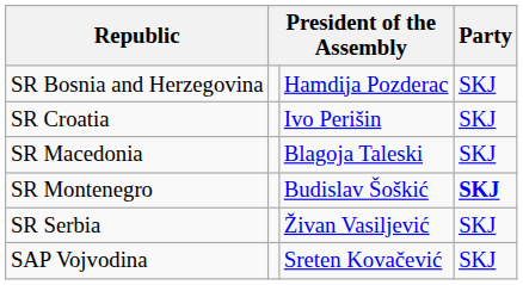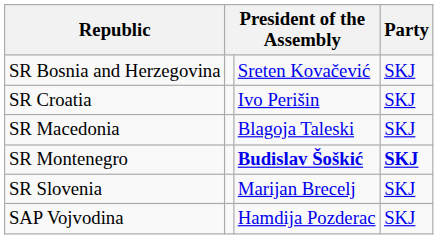 <table class="wikitable">
 <tr>
 <th style="text-align: center;">Republic</th>
 <th colspan="2" style="text-align: center;">President of the<br>Assembly</th>
 <th style="text-align: center;">Party</th>
 </tr>
 <tr>
 <td>SR Bosnia and Herzegovina</td>
 <td style="background:"></td>
-<td><a href='#'>Hamdija Pozderac</a></td>
+<td><a href='#'>Sreten Kovačević</a></td>
 <td><a href='#'>SKJ</a></td>
 </tr>
 <tr>
 <td>SR Croatia</td>
 <td style="background:"></td>
 <td><a href='#'>Ivo Perišin</a></td>
 <td><a href='#'>SKJ</a></td>
 </tr>
 <tr>
 <td>SR Macedonia</td>
 <td style="background:"></td>
 <td><a href='#'>Blagoja Taleski</a></td>
 <td><a href='#'>SKJ</a></td>
 </tr>
 <tr>
 <td>SR Montenegro</td>
 <td style="background:"></td>
-<td><a href='#'>Budislav Šoškić</a></td>
+<td><strong><a href='#'>Budislav Šoškić</a></strong></td>
 <td><strong><a href='#'>SKJ</a></strong></td>
 </tr>
 <tr>
-<td>SR Serbia</td>
+<td>SR Slovenia</td>
 <td style="background:"></td>
-<td><a href='#'>Živan Vasiljević</a></td>
+<td><a href='#'>Marijan Brecelj</a></td>
 <td><a href='#'>SKJ</a></td>
 </tr>
 <tr>
 <td>SAP Vojvodina</td>
 <td style="background:"></td>
-<td><a href='#'>Sreten Kovačević</a></td>
+<td><a href='#'>Hamdija Pozderac</a></td>
 <td><a href='#'>SKJ</a></td>
 </tr>
 </table>
